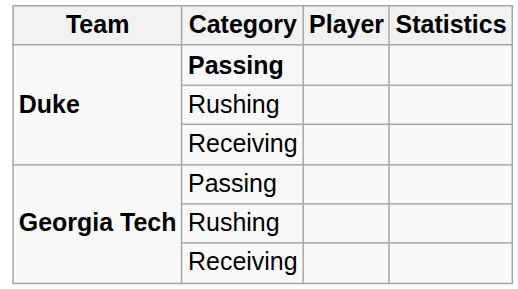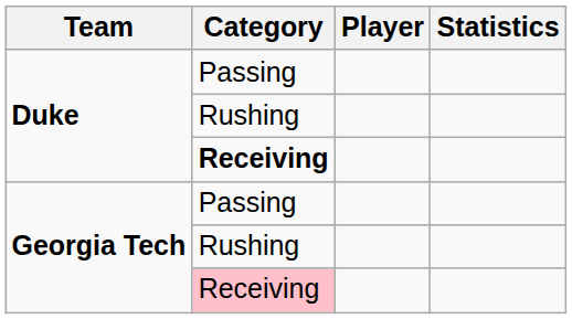 <table class="wikitable" style="float: right;">
 <tr>
 <th>Team</th>
 <th>Category</th>
 <th>Player</th>
 <th>Statistics</th>
 </tr>
 <tr>
 <td rowspan=3><strong>Duke</strong></td>
-<td><strong>Passing</strong></td>
+<td>Passing</td>
 <td></td>
 <td></td>
 </tr>
 <tr>
 <td>Rushing</td>
 <td></td>
 <td></td>
 </tr>
 <tr>
-<td>Receiving</td>
+<td><strong>Receiving</strong></td>
 <td></td>
 <td></td>
 </tr>
 <tr>
 <td rowspan=3><strong>Georgia Tech</strong></td>
 <td>Passing</td>
 <td></td>
 <td></td>
 </tr>
 <tr>
 <td>Rushing</td>
 <td></td>
 <td></td>
 </tr>
 <tr>
-<td>Receiving</td>
+<td style="background: pink;">Receiving</td>
 <td></td>
 <td></td>
 </tr>
 </table>
